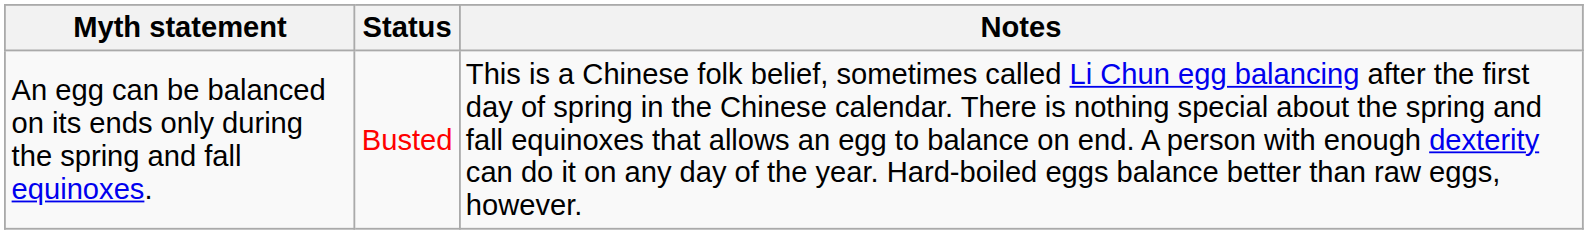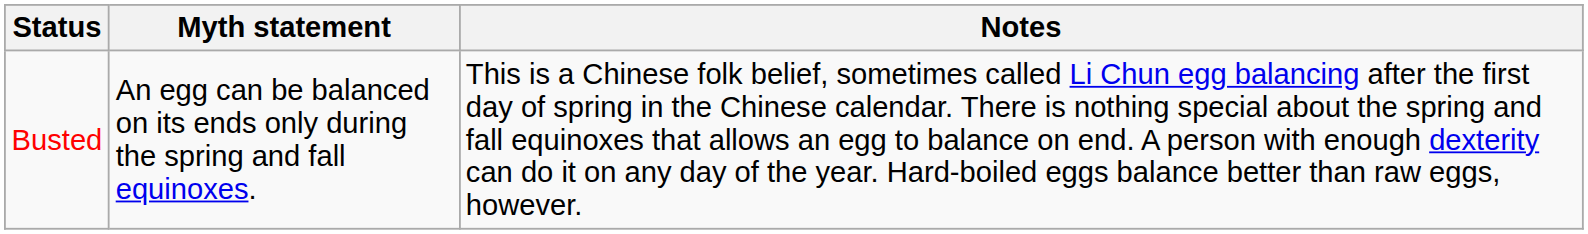 <table class="wikitable">
 <tr>
+<th>Status</th>
 <th>Myth statement</th>
-<th>Status</th>
 <th>Notes</th>
 </tr>
 <tr>
+<td style="color:red">Busted</td>
 <td>An egg can be balanced on its ends only during the spring and fall <a href='#'>equinoxes</a>.</td>
-<td style="color:red">Busted</td>
 <td>This is a Chinese folk belief, sometimes called <a href='#'>Li Chun egg balancing</a> after the first day of spring in the Chinese calendar. There is nothing special about the spring and fall equinoxes that allows an egg to balance on end. A person with enough <a href='#'>dexterity</a> can do it on any day of the year. Hard-boiled eggs balance better than raw eggs, however.</td>
 </tr>
 </table>
